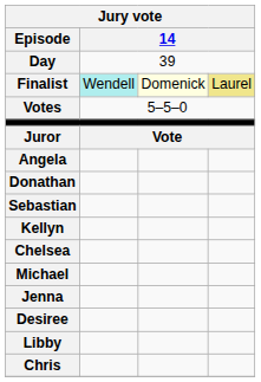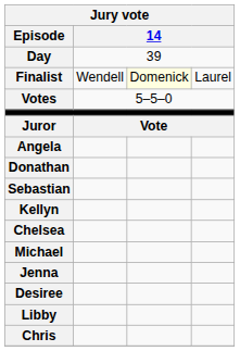 <table class="wikitable nowrap" style="text-align:center; font-size:100%">
 <tr>
 <th colspan="4">Jury vote</th>
 </tr>
 <tr>
 <th>Episode</th>
 <th colspan="3"><a href='#'>14</a></th>
 </tr>
 <tr>
 <th>Day</th>
 <td colspan="3">39</td>
 </tr>
 <tr>
 <th>Finalist</th>
-<td style="background: paleturquoise;">Wendell</td>
+<td>Wendell</td>
 <td style="background: lightyellow;">Domenick</td>
-<td style="background: khaki;">Laurel</td>
+<td>Laurel</td>
 </tr>
 <tr>
 <th>Votes</th>
 <td colspan="3">5–5–0</td>
 </tr>
 <tr>
 <th colspan="5" style="background:black;"></th>
 </tr>
 <tr>
 <th>Juror</th>
 <th colspan="4">Vote</th>
 </tr>
 <tr>
 <th>Angela</th>
 <td></td>
 <td></td>
 <td></td>
 </tr>
 <tr>
 <th>Donathan</th>
 <td></td>
 <td></td>
 <td></td>
 </tr>
 <tr>
 <th>Sebastian</th>
 <td></td>
 <td></td>
 <td></td>
 </tr>
 <tr>
 <th>Kellyn</th>
 <td></td>
 <td></td>
 <td></td>
 </tr>
 <tr>
 <th>Chelsea</th>
 <td></td>
 <td></td>
 <td></td>
 </tr>
 <tr>
 <th>Michael</th>
 <td></td>
 <td></td>
 <td></td>
 </tr>
 <tr>
 <th>Jenna</th>
 <td></td>
 <td></td>
 <td></td>
 </tr>
 <tr>
 <th>Desiree</th>
 <td></td>
 <td></td>
 <td></td>
 </tr>
 <tr>
 <th>Libby</th>
 <td></td>
 <td></td>
 <td></td>
 </tr>
 <tr>
 <th>Chris</th>
 <td></td>
 <td></td>
 <td></td>
 </tr>
 <tr>
 </tr>
 </table>
